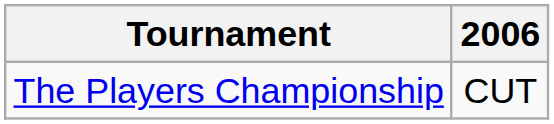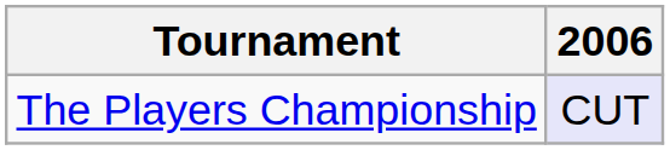 <table class="wikitable" style="font-size:95%;text-align:center;">
 <tr>
 <th>Tournament</th>
 <th>2006</th>
 </tr>
 <tr>
 <td align=left><a href='#'>The Players Championship</a></td>
-<td>CUT</td>
+<td style="background: lavender;">CUT</td>
 </tr>
 </table>
